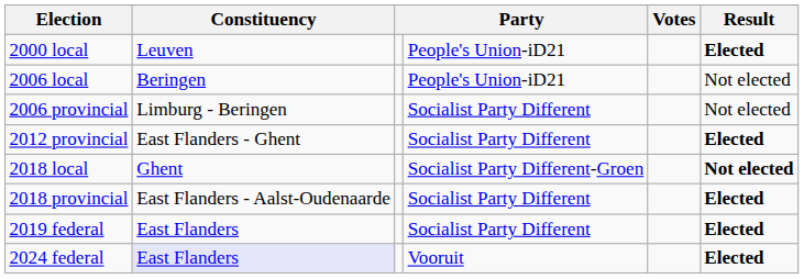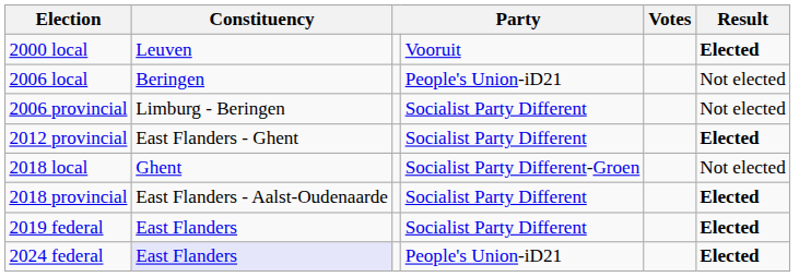 <table class="wikitable" style="text-align:left;">
 <tr>
 <th scope=col>Election</th>
 <th scope=col>Constituency</th>
 <th scope=col colspan="2">Party</th>
 <th scope=col>Votes</th>
 <th scope=col>Result</th>
 </tr>
 <tr>
 <td><a href='#'>2000 local</a></td>
 <td><a href='#'>Leuven</a></td>
 <td></td>
-<td><a href='#'>People's Union</a>-iD21</td>
+<td><a href='#'>Vooruit</a></td>
 <td align=right></td>
 <td><strong>Elected</strong></td>
 </tr>
 <tr>
 <td><a href='#'>2006 local</a></td>
 <td><a href='#'>Beringen</a></td>
 <td></td>
 <td><a href='#'>People's Union</a>-iD21</td>
 <td align=right></td>
 <td>Not elected</td>
 </tr>
 <tr>
 <td><a href='#'>2006 provincial</a></td>
 <td>Limburg - Beringen</td>
 <td></td>
 <td><a href='#'>Socialist Party Different</a></td>
 <td align=right></td>
 <td>Not elected</td>
 </tr>
 <tr>
 <td><a href='#'>2012 provincial</a></td>
 <td>East Flanders - Ghent</td>
 <td style="background:"></td>
 <td><a href='#'>Socialist Party Different</a></td>
 <td align=right></td>
 <td><strong>Elected</strong></td>
 </tr>
 <tr>
 <td><a href='#'>2018 local</a></td>
 <td><a href='#'>Ghent</a></td>
 <td></td>
 <td><a href='#'>Socialist Party Different</a>-<a href='#'>Groen</a></td>
 <td align=right></td>
-<td><strong>Not elected</strong></td>
+<td>Not elected</td>
 </tr>
 <tr>
 <td><a href='#'>2018 provincial</a></td>
 <td>East Flanders - Aalst-Oudenaarde</td>
 <td style="background:"></td>
 <td><a href='#'>Socialist Party Different</a></td>
 <td align=right></td>
 <td><strong>Elected</strong></td>
 </tr>
 <tr>
 <td><a href='#'>2019 federal</a></td>
 <td><a href='#'>East Flanders</a></td>
 <td style="background:"></td>
 <td><a href='#'>Socialist Party Different</a></td>
 <td align=right></td>
 <td><strong>Elected</strong></td>
 </tr>
 <tr>
 <td><a href='#'>2024 federal</a></td>
 <td style="background: lavender;"><a href='#'>East Flanders</a></td>
 <td style="background:"></td>
-<td><a href='#'>Vooruit</a></td>
+<td><a href='#'>People's Union</a>-iD21</td>
 <td align=right></td>
 <td><strong>Elected</strong></td>
 </tr>
 </table>
